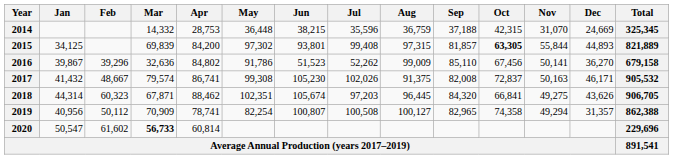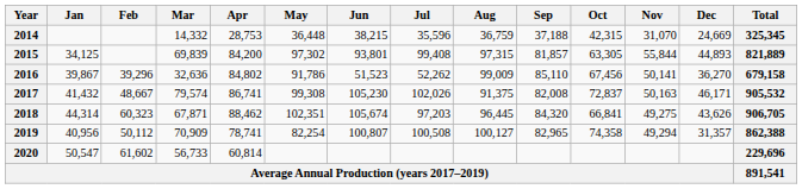 <table class=wikitable style="text-align:right; font-size:0.9em; width:950px;">
 <tr>
 <th>Year</th>
 <th>Jan</th>
 <th>Feb</th>
 <th>Mar</th>
 <th>Apr</th>
 <th>May</th>
 <th>Jun</th>
 <th>Jul</th>
 <th>Aug</th>
 <th>Sep</th>
 <th>Oct</th>
 <th>Nov</th>
 <th>Dec</th>
 <th>Total</th>
 </tr>
 <tr>
 <th>2014</th>
 <td></td>
 <td></td>
 <td>14,332</td>
 <td>28,753</td>
 <td>36,448</td>
 <td>38,215</td>
 <td>35,596</td>
 <td>36,759</td>
 <td>37,188</td>
 <td>42,315</td>
 <td>31,070</td>
 <td>24,669</td>
 <th>325,345</th>
 </tr>
 <tr>
 <th>2015</th>
 <td>34,125</td>
 <td></td>
 <td>69,839</td>
 <td>84,200</td>
 <td>97,302</td>
 <td>93,801</td>
 <td>99,408</td>
 <td>97,315</td>
 <td>81,857</td>
-<td><strong>63,305</strong></td>
+<td>63,305</td>
 <td>55,844</td>
 <td>44,893</td>
 <th>821,889</th>
 </tr>
 <tr>
 <th>2016</th>
 <td>39,867</td>
 <td>39,296</td>
 <td>32,636</td>
 <td>84,802</td>
 <td>91,786</td>
 <td>51,523</td>
 <td>52,262</td>
 <td>99,009</td>
 <td>85,110</td>
 <td>67,456</td>
 <td>50,141</td>
 <td>36,270</td>
 <th>679,158</th>
 </tr>
 <tr>
 <th>2017</th>
 <td>41,432</td>
 <td>48,667</td>
 <td>79,574</td>
 <td>86,741</td>
 <td>99,308</td>
 <td>105,230</td>
 <td>102,026</td>
 <td>91,375</td>
 <td>82,008</td>
 <td>72,837</td>
 <td>50,163</td>
 <td>46,171</td>
 <th>905,532</th>
 </tr>
 <tr>
 <th>2018</th>
 <td>44,314</td>
 <td>60,323</td>
 <td>67,871</td>
 <td>88,462</td>
 <td>102,351</td>
 <td>105,674</td>
 <td>97,203</td>
 <td>96,445</td>
 <td>84,320</td>
 <td>66,841</td>
 <td>49,275</td>
 <td>43,626</td>
 <th>906,705</th>
 </tr>
 <tr>
 <th>2019</th>
 <td>40,956</td>
 <td>50,112</td>
 <td>70,909</td>
 <td>78,741</td>
 <td>82,254</td>
 <td>100,807</td>
 <td>100,508</td>
 <td>100,127</td>
 <td>82,965</td>
 <td>74,358</td>
 <td>49,294</td>
 <td>31,357</td>
 <th>862,388</th>
 </tr>
 <tr>
 <th>2020</th>
 <td>50,547</td>
 <td>61,602</td>
-<td><strong>56,733</strong></td>
+<td>56,733</td>
 <td>60,814</td>
 <td></td>
 <td></td>
 <td></td>
 <td></td>
 <td></td>
 <td></td>
 <td></td>
 <td></td>
 <th>229,696</th>
 </tr>
 <tr>
 <th colspan=13>Average Annual Production (years 2017–2019)</th>
 <th>891,541</th>
 </tr>
 </table>
